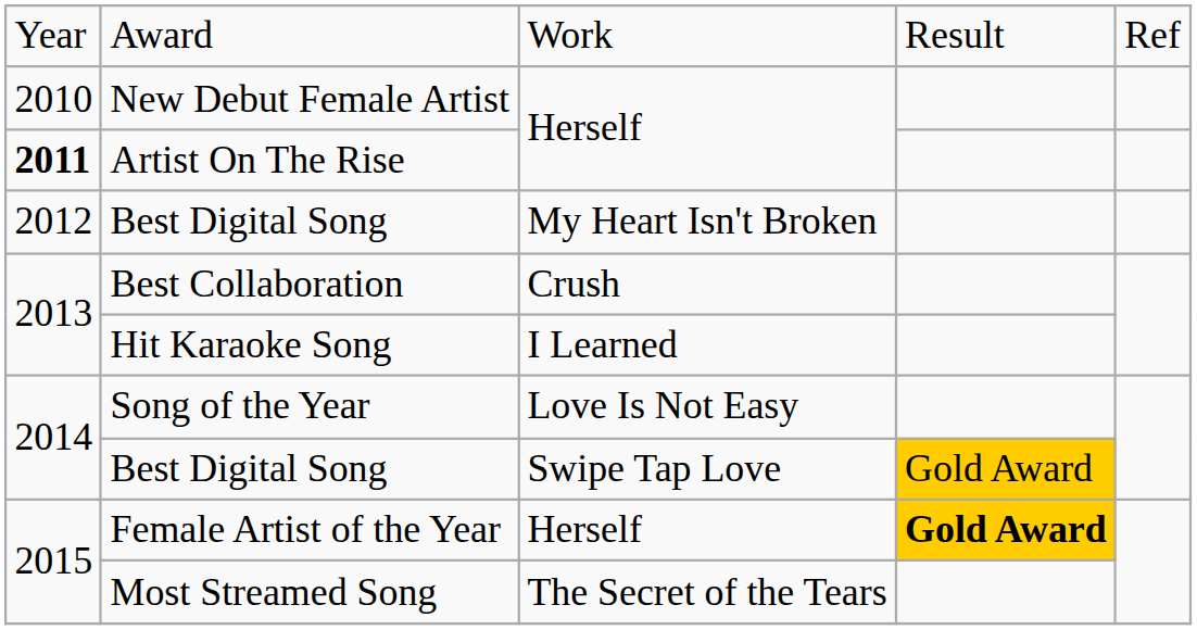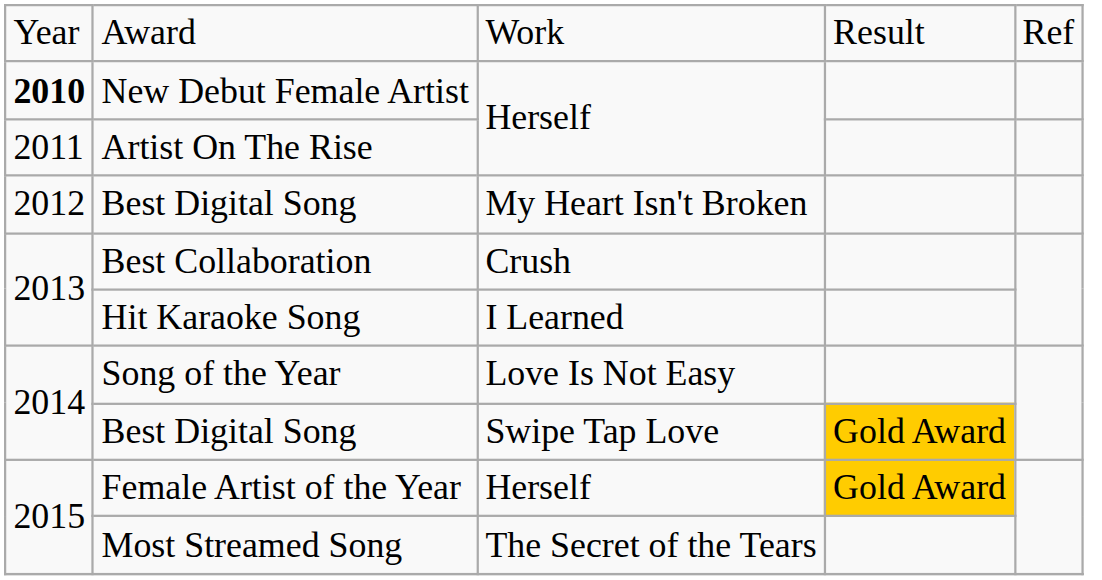 <table class="wikitable">
 <tr>
 <td>Year</td>
 <td>Award</td>
 <td>Work</td>
 <td>Result</td>
 <td>Ref</td>
 </tr>
 <tr>
-<td>2010</td>
+<td><strong>2010</strong></td>
 <td>New Debut Female Artist</td>
 <td rowspan="2">Herself</td>
 <td></td>
 <td></td>
 </tr>
 <tr>
-<td><strong>2011</strong></td>
+<td>2011</td>
 <td>Artist On The Rise</td>
 <td></td>
 <td></td>
 </tr>
 <tr>
 <td>2012</td>
 <td>Best Digital Song</td>
 <td>My Heart Isn't Broken</td>
 <td></td>
 <td></td>
 </tr>
 <tr>
 <td rowspan="2">2013</td>
 <td>Best Collaboration</td>
 <td>Crush</td>
 <td></td>
 <td rowspan="2"></td>
 </tr>
 <tr>
 <td>Hit Karaoke Song</td>
 <td>I Learned</td>
 <td></td>
 </tr>
 <tr>
 <td rowspan="2">2014</td>
 <td>Song of the Year</td>
 <td>Love Is Not Easy</td>
 <td></td>
 <td rowspan="2"></td>
 </tr>
 <tr>
 <td>Best Digital Song</td>
 <td>Swipe Tap Love</td>
 <td style="background:#fc0;"><div>Gold Award</div></td>
 </tr>
 <tr>
 <td rowspan="2">2015</td>
 <td>Female Artist of the Year</td>
 <td>Herself</td>
-<td style="background:#fc0;"><strong><div>Gold Award</div></strong></td>
+<td style="background:#fc0;"><div>Gold Award</div></td>
 <td rowspan="2"></td>
 </tr>
 <tr>
 <td>Most Streamed Song</td>
 <td>The Secret of the Tears</td>
 <td></td>
 </tr>
 <tr>
 </tr>
 </table>
